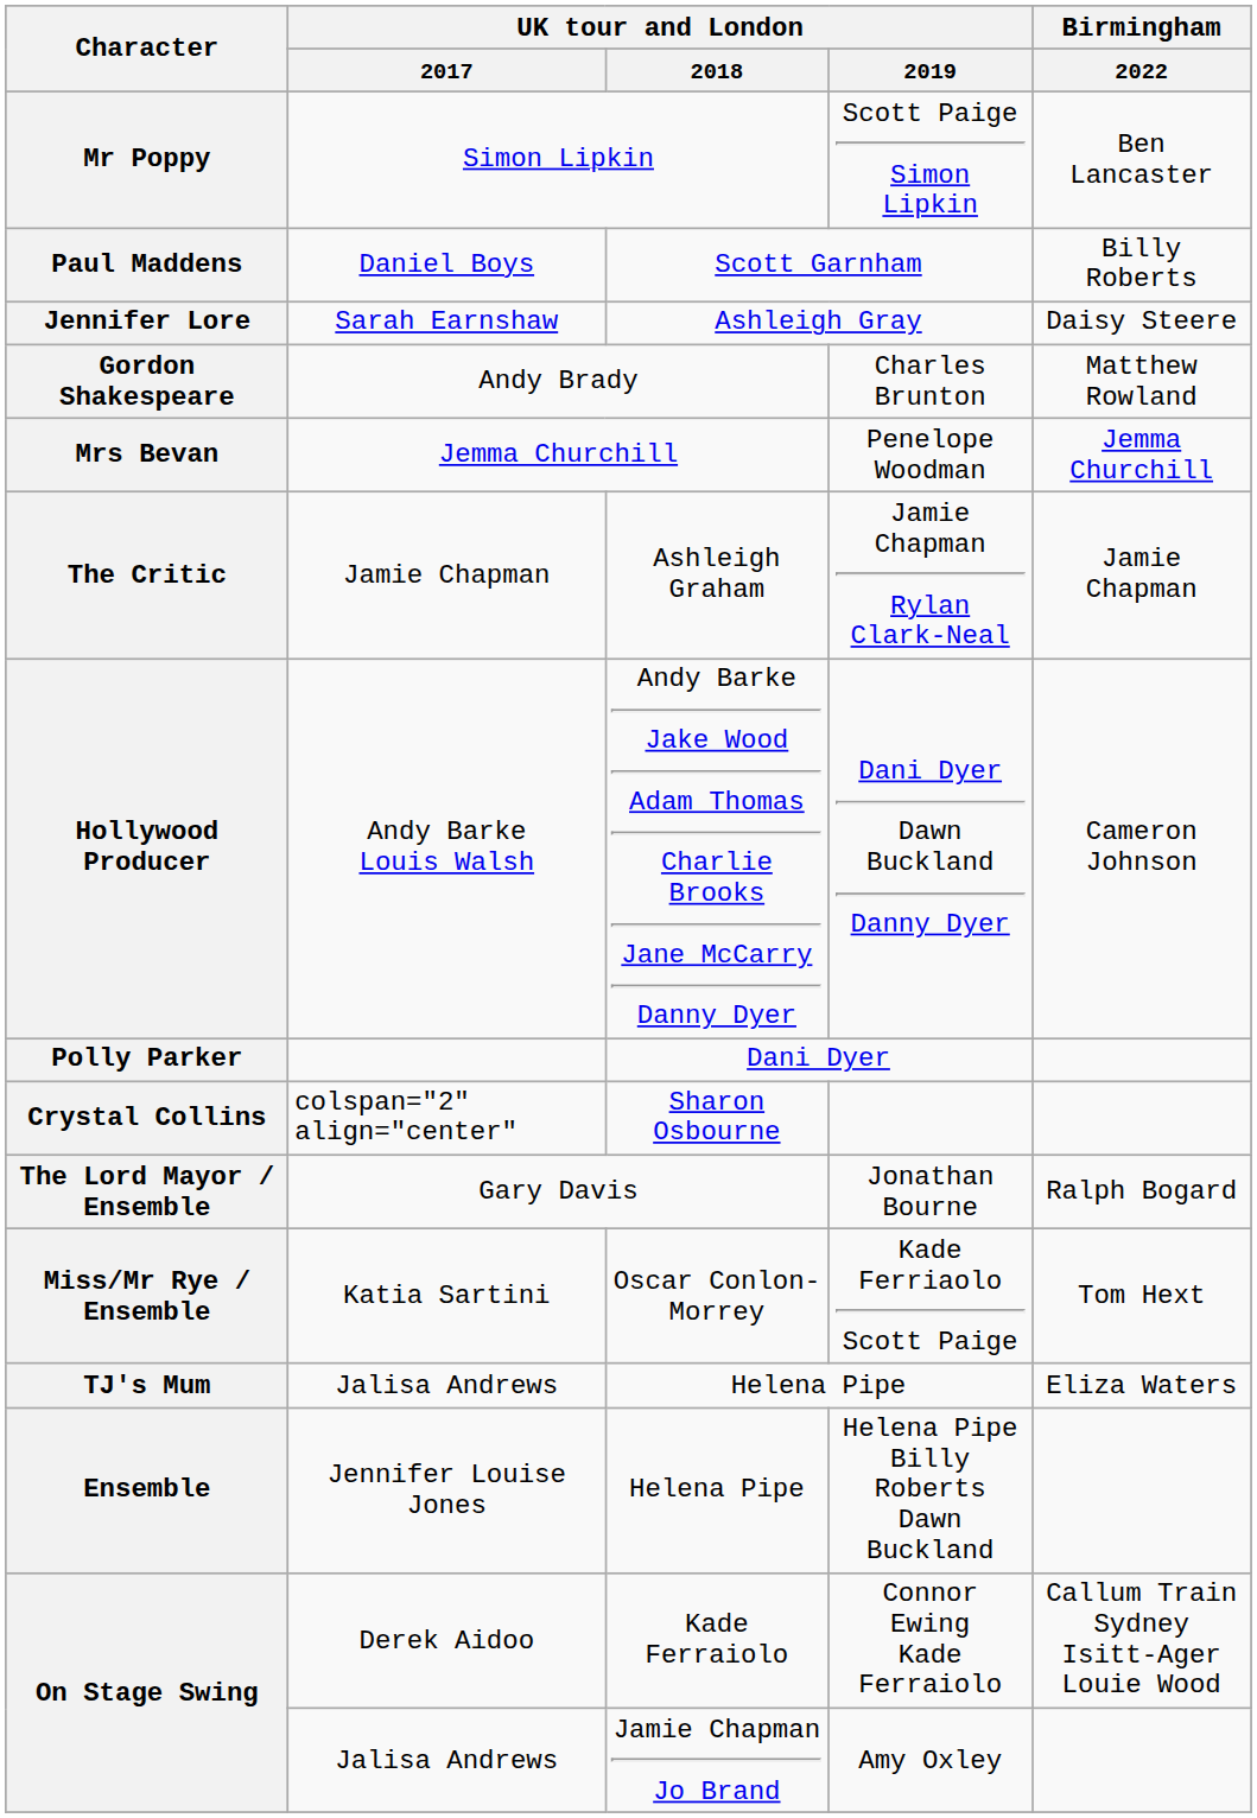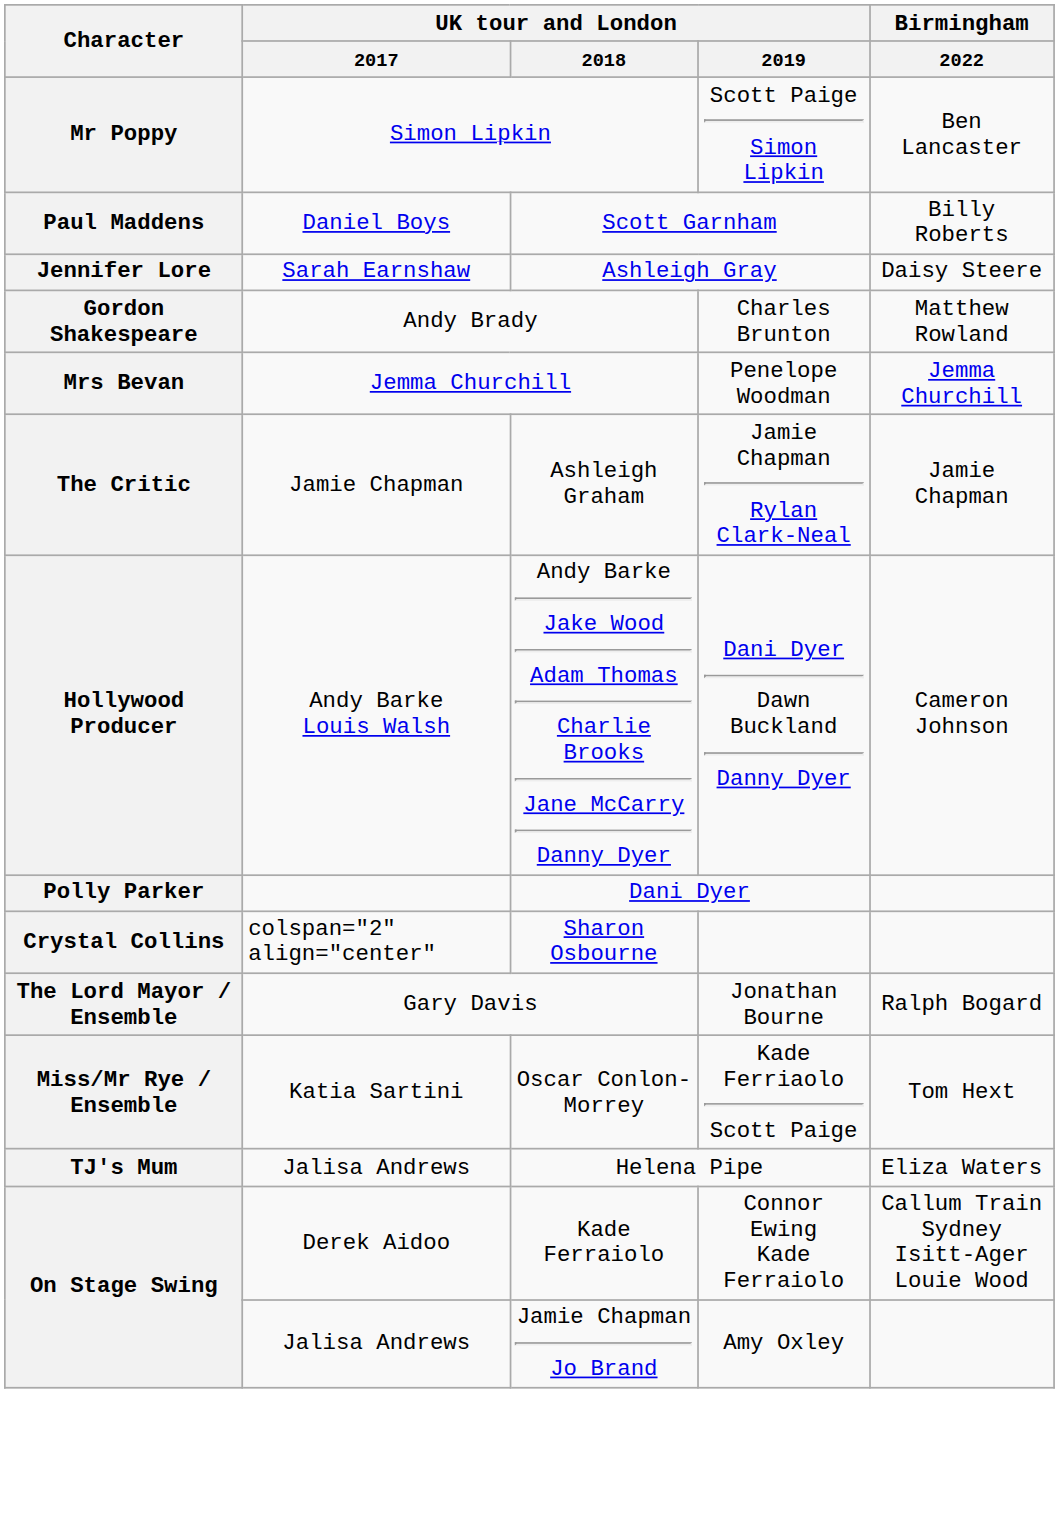 <table class="wikitable">
 <tr>
 <th rowspan="2">Character</th>
 <th colspan="3">UK tour and London</th>
 <th>Birmingham</th>
 </tr>
 <tr>
 <th><small>2017</small></th>
 <th><small>2018</small></th>
 <th><small>2019</small></th>
 <th><small>2022</small></th>
 </tr>
 <tr>
 <th>Mr Poppy</th>
 <td colspan="2" align="center"><a href='#'>Simon Lipkin</a></td>
 <td align="center">Scott Paige<hr><a href='#'>Simon Lipkin</a></td>
 <td align="center">Ben Lancaster</td>
 </tr>
 <tr>
 <th>Paul Maddens</th>
 <td align="center"><a href='#'>Daniel Boys</a></td>
 <td colspan="2" align="center"><a href='#'>Scott Garnham</a></td>
 <td align="center">Billy Roberts</td>
 </tr>
 <tr>
 <th>Jennifer Lore</th>
 <td colspan="1" align="center"><a href='#'>Sarah Earnshaw</a></td>
 <td colspan="2" align="center"><a href='#'>Ashleigh Gray</a></td>
 <td align="center">Daisy Steere</td>
 </tr>
 <tr>
 <th>Gordon Shakespeare</th>
 <td colspan="2" align="center">Andy Brady</td>
 <td align="center">Charles Brunton</td>
 <td align="center">Matthew Rowland</td>
 </tr>
 <tr>
 <th>Mrs Bevan</th>
 <td colspan="2" align="center"><a href='#'>Jemma Churchill</a></td>
 <td align="center">Penelope Woodman</td>
 <td align="center"><a href='#'>Jemma Churchill</a></td>
 </tr>
 <tr>
 <th>The Critic</th>
 <td align="center">Jamie Chapman</td>
 <td align="center">Ashleigh Graham</td>
 <td align="center">Jamie Chapman<hr><a href='#'>Rylan Clark-Neal</a></td>
 <td align="center">Jamie Chapman</td>
 </tr>
 <tr>
 <th>Hollywood Producer</th>
 <td align="center">Andy Barke<br><a href='#'>Louis Walsh</a></td>
 <td align="center">Andy Barke<hr><a href='#'>Jake Wood</a><hr><a href='#'>Adam Thomas</a><hr><a href='#'>Charlie Brooks</a><hr><a href='#'>Jane McCarry</a><hr><a href='#'>Danny Dyer</a></td>
 <td align="center"><a href='#'>Dani Dyer</a><hr>Dawn Buckland<hr><a href='#'>Danny Dyer</a></td>
 <td align="center">Cameron Johnson</td>
 </tr>
 <tr>
 <th>Polly Parker</th>
 <td></td>
 <td colspan="2" align="center"><a href='#'>Dani Dyer</a></td>
 <td></td>
 </tr>
 <tr>
 <th>Crystal Collins</th>
 <td>colspan="2" align="center" </td>
 <td align="center"><a href='#'>Sharon Osbourne</a></td>
 <td></td>
 </tr>
 <tr>
 <th>The Lord Mayor / Ensemble</th>
 <td colspan="2" align="center">Gary Davis</td>
 <td align="center">Jonathan Bourne</td>
 <td align="center">Ralph Bogard</td>
 </tr>
 <tr>
 <th>Miss/Mr Rye / Ensemble</th>
 <td colspan="1" align="center">Katia Sartini</td>
 <td align="center">Oscar Conlon-Morrey</td>
 <td align="center">Kade Ferriaolo<hr>Scott Paige</td>
 <td align="center">Tom Hext</td>
 </tr>
 <tr>
 <th>TJ's Mum</th>
 <td align="center">Jalisa Andrews</td>
 <td colspan="2" align="center">Helena Pipe</td>
 <td align="center">Eliza Waters</td>
 </tr>
 <tr>
-<th>Ensemble</th>
-<td colspan="1" align="center">Jennifer Louise Jones</td>
-<td align="center">Helena Pipe</td>
-<td align="center">Helena Pipe<br>Billy Roberts<br> Dawn Buckland</td>
-<td></td>
-</tr>
-<tr>
 <th rowspan="2">On Stage Swing</th>
 <td colspan="1" align="center">Derek Aidoo</td>
 <td align="center">Kade Ferraiolo</td>
 <td align="center">Connor Ewing<br> Kade Ferraiolo</td>
 <td align="center">Callum Train<br>Sydney Isitt-Ager<br>Louie Wood</td>
 </tr>
 <tr>
 <td colspan="1" align="center">Jalisa Andrews</td>
 <td align="center">Jamie Chapman<hr><a href='#'>Jo Brand</a></td>
 <td align="center">Amy Oxley</td>
 <td align="center"></td>
 </tr>
 </table>
